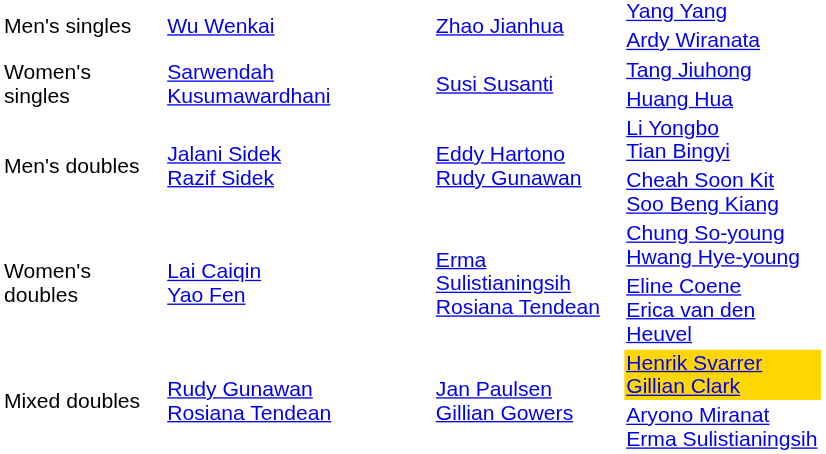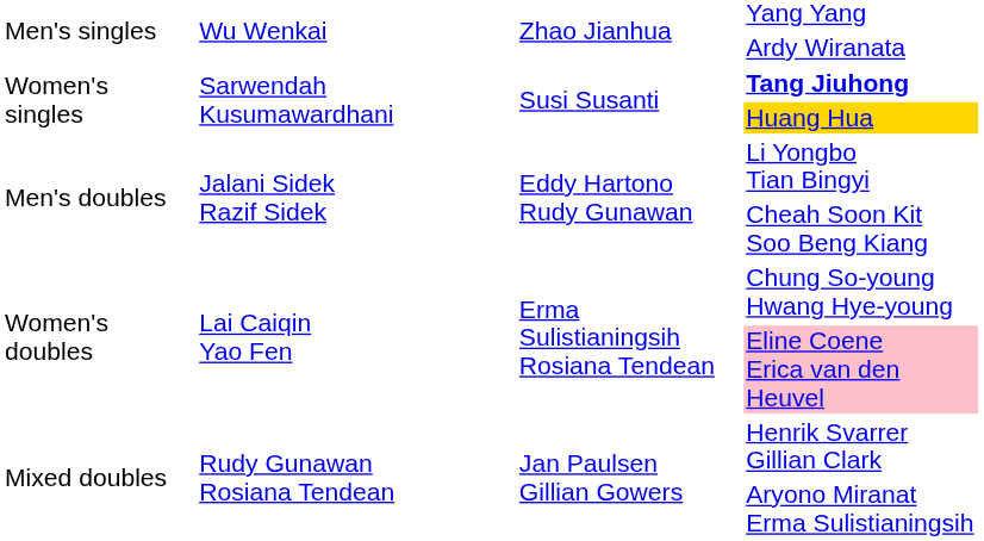 <table>
 <tr>
 <td rowspan=2>Men's singles</td>
 <td rowspan=2> <a href='#'>Wu Wenkai</a></td>
 <td rowspan=2> <a href='#'>Zhao Jianhua</a></td>
 <td> <a href='#'>Yang Yang</a></td>
 </tr>
 <tr>
 <td> <a href='#'>Ardy Wiranata</a></td>
 </tr>
 <tr>
 <td rowspan=2>Women's singles</td>
 <td rowspan=2> <a href='#'>Sarwendah Kusumawardhani</a></td>
 <td rowspan=2> <a href='#'>Susi Susanti</a></td>
-<td> <a href='#'>Tang Jiuhong</a></td>
+<td><strong> <a href='#'>Tang Jiuhong</a></strong></td>
 </tr>
 <tr>
-<td> <a href='#'>Huang Hua</a></td>
+<td style="background: gold;"> <a href='#'>Huang Hua</a></td>
 </tr>
 <tr>
 <td rowspan=2>Men's doubles</td>
 <td rowspan=2> <a href='#'>Jalani Sidek</a><br> <a href='#'>Razif Sidek</a></td>
 <td rowspan=2> <a href='#'>Eddy Hartono</a><br> <a href='#'>Rudy Gunawan</a></td>
 <td> <a href='#'>Li Yongbo</a><br> <a href='#'>Tian Bingyi</a></td>
 </tr>
 <tr>
 <td> <a href='#'>Cheah Soon Kit</a><br> <a href='#'>Soo Beng Kiang</a></td>
 </tr>
 <tr>
 <td rowspan=2>Women's doubles</td>
 <td rowspan=2> <a href='#'>Lai Caiqin</a><br> <a href='#'>Yao Fen</a></td>
 <td rowspan=2> <a href='#'>Erma Sulistianingsih</a><br> <a href='#'>Rosiana Tendean</a></td>
 <td> <a href='#'>Chung So-young</a><br> <a href='#'>Hwang Hye-young</a></td>
 </tr>
 <tr>
-<td> <a href='#'>Eline Coene</a><br> <a href='#'>Erica van den Heuvel</a></td>
+<td style="background: pink;"> <a href='#'>Eline Coene</a><br> <a href='#'>Erica van den Heuvel</a></td>
 </tr>
 <tr>
 <td rowspan=2>Mixed doubles</td>
 <td rowspan=2> <a href='#'>Rudy Gunawan</a><br>  <a href='#'>Rosiana Tendean</a></td>
 <td rowspan=2> <a href='#'>Jan Paulsen</a><br> <a href='#'>Gillian Gowers</a></td>
-<td style="background: gold;"> <a href='#'>Henrik Svarrer</a><br> <a href='#'>Gillian Clark</a></td>
+<td> <a href='#'>Henrik Svarrer</a><br> <a href='#'>Gillian Clark</a></td>
 </tr>
 <tr>
 <td rowspan=2> <a href='#'>Aryono Miranat</a><br> <a href='#'>Erma Sulistianingsih</a></td>
 </tr>
 </table>
